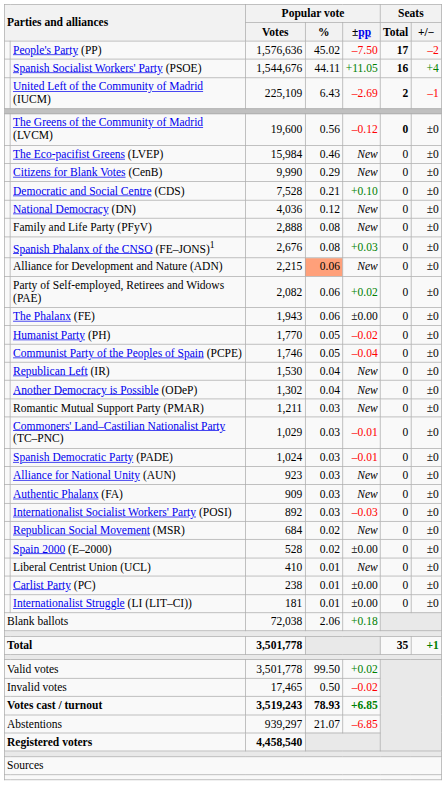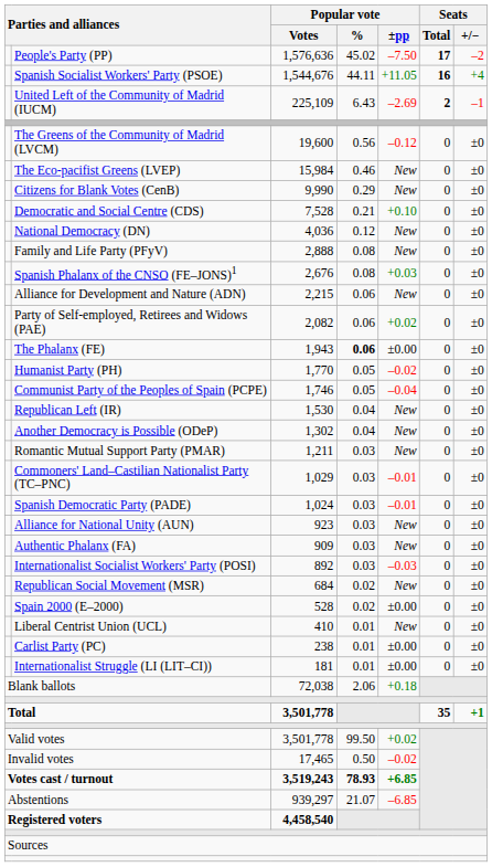 <table class="wikitable" style="text-align:right;">
 <tr>
 <th style="text-align:left;" rowspan="2" colspan="2" width="525">Parties and alliances</th>
 <th colspan="3">Popular vote</th>
 <th colspan="2">Seats</th>
 </tr>
 <tr>
 <th width="75">Votes</th>
 <th width="45">%</th>
 <th width="45">±<a href='#'>pp</a></th>
 <th width="35">Total</th>
 <th width="35">+/−</th>
 </tr>
 <tr>
 <td width="1" style="color:inherit;background:"></td>
 <td align="left"><a href='#'>People's Party</a> (PP)</td>
 <td>1,576,636</td>
 <td>45.02</td>
 <td style="color:red;">–7.50</td>
 <td><strong>17</strong></td>
 <td style="color:red;">–2</td>
 </tr>
 <tr>
 <td style="color:inherit;background:"></td>
 <td align="left"><a href='#'>Spanish Socialist Workers' Party</a> (PSOE)</td>
 <td>1,544,676</td>
 <td>44.11</td>
 <td style="color:green;">+11.05</td>
 <td><strong>16</strong></td>
 <td style="color:green;">+4</td>
 </tr>
 <tr>
 <td style="color:inherit;background:"></td>
 <td align="left"><a href='#'>United Left of the Community of Madrid</a> (IUCM)</td>
 <td>225,109</td>
 <td>6.43</td>
 <td style="color:red;">–2.69</td>
 <td><strong>2</strong></td>
 <td style="color:red;">–1</td>
 </tr>
 <tr>
 <td colspan="7" bgcolor="#C0C0C0"></td>
 </tr>
 <tr>
 <td style="color:inherit;background:"></td>
 <td align="left"><a href='#'>The Greens of the Community of Madrid</a> (LVCM)</td>
 <td>19,600</td>
 <td>0.56</td>
 <td style="color:red;">–0.12</td>
-<td><strong>0</strong></td>
+<td>0</td>
 <td>±0</td>
 </tr>
 <tr>
 <td style="color:inherit;background:"></td>
 <td align="left"><a href='#'>The Eco-pacifist Greens</a> (LVEP)</td>
 <td>15,984</td>
 <td>0.46</td>
 <td><em>New</em></td>
 <td>0</td>
 <td>±0</td>
 </tr>
 <tr>
 <td style="color:inherit;background:"></td>
 <td align="left"><a href='#'>Citizens for Blank Votes</a> (CenB)</td>
 <td>9,990</td>
 <td>0.29</td>
 <td><em>New</em></td>
 <td>0</td>
 <td>±0</td>
 </tr>
 <tr>
 <td style="color:inherit;background:"></td>
 <td align="left"><a href='#'>Democratic and Social Centre</a> (CDS)</td>
 <td>7,528</td>
 <td>0.21</td>
 <td style="color:green;">+0.10</td>
 <td>0</td>
 <td>±0</td>
 </tr>
 <tr>
 <td style="color:inherit;background:"></td>
 <td align="left"><a href='#'>National Democracy</a> (DN)</td>
 <td>4,036</td>
 <td>0.12</td>
 <td><em>New</em></td>
 <td>0</td>
 <td>±0</td>
 </tr>
 <tr>
 <td style="color:inherit;background:"></td>
 <td align="left">Family and Life Party (PFyV)</td>
 <td>2,888</td>
 <td>0.08</td>
 <td><em>New</em></td>
 <td>0</td>
 <td>±0</td>
 </tr>
 <tr>
 <td style="color:inherit;background:"></td>
 <td align="left"><a href='#'>Spanish Phalanx of the CNSO</a> (FE–JONS)<sup>1</sup></td>
 <td>2,676</td>
 <td>0.08</td>
 <td style="color:green;">+0.03</td>
 <td>0</td>
 <td>±0</td>
 </tr>
 <tr>
 <td style="color:inherit;background:"></td>
 <td align="left">Alliance for Development and Nature (ADN)</td>
 <td>2,215</td>
-<td style="background: lightsalmon;">0.06</td>
+<td>0.06</td>
 <td><em>New</em></td>
 <td>0</td>
 <td>±0</td>
 </tr>
 <tr>
 <td style="color:inherit;background:"></td>
 <td align="left">Party of Self-employed, Retirees and Widows (PAE)</td>
 <td>2,082</td>
 <td>0.06</td>
 <td style="color:green;">+0.02</td>
 <td>0</td>
 <td>±0</td>
 </tr>
 <tr>
 <td style="color:inherit;background:"></td>
 <td align="left"><a href='#'>The Phalanx</a> (FE)</td>
 <td>1,943</td>
-<td>0.06</td>
+<td><strong>0.06</strong></td>
 <td>±0.00</td>
 <td>0</td>
 <td>±0</td>
 </tr>
 <tr>
 <td style="color:inherit;background:"></td>
 <td align="left"><a href='#'>Humanist Party</a> (PH)</td>
 <td>1,770</td>
 <td>0.05</td>
 <td style="color:red;">–0.02</td>
 <td>0</td>
 <td>±0</td>
 </tr>
 <tr>
 <td style="color:inherit;background:"></td>
 <td align="left"><a href='#'>Communist Party of the Peoples of Spain</a> (PCPE)</td>
 <td>1,746</td>
 <td>0.05</td>
 <td style="color:red;">–0.04</td>
 <td>0</td>
 <td>±0</td>
 </tr>
 <tr>
 <td style="color:inherit;background:"></td>
 <td align="left"><a href='#'>Republican Left</a> (IR)</td>
 <td>1,530</td>
 <td>0.04</td>
 <td><em>New</em></td>
 <td>0</td>
 <td>±0</td>
 </tr>
 <tr>
 <td style="color:inherit;background:"></td>
 <td align="left"><a href='#'>Another Democracy is Possible</a> (ODeP)</td>
 <td>1,302</td>
 <td>0.04</td>
 <td><em>New</em></td>
 <td>0</td>
 <td>±0</td>
 </tr>
 <tr>
 <td style="color:inherit;background:"></td>
 <td align="left">Romantic Mutual Support Party (PMAR)</td>
 <td>1,211</td>
 <td>0.03</td>
 <td><em>New</em></td>
 <td>0</td>
 <td>±0</td>
 </tr>
 <tr>
 <td style="color:inherit;background:"></td>
 <td align="left"><a href='#'>Commoners' Land–Castilian Nationalist Party</a> (TC–PNC)</td>
 <td>1,029</td>
 <td>0.03</td>
 <td style="color:red;">–0.01</td>
 <td>0</td>
 <td>±0</td>
 </tr>
 <tr>
 <td style="color:inherit;background:"></td>
 <td align="left"><a href='#'>Spanish Democratic Party</a> (PADE)</td>
 <td>1,024</td>
 <td>0.03</td>
 <td style="color:red;">–0.01</td>
 <td>0</td>
 <td>±0</td>
 </tr>
 <tr>
 <td style="color:inherit;background:"></td>
 <td align="left"><a href='#'>Alliance for National Unity</a> (AUN)</td>
 <td>923</td>
 <td>0.03</td>
 <td><em>New</em></td>
 <td>0</td>
 <td>±0</td>
 </tr>
 <tr>
 <td style="color:inherit;background:"></td>
 <td align="left"><a href='#'>Authentic Phalanx</a> (FA)</td>
 <td>909</td>
 <td>0.03</td>
 <td><em>New</em></td>
 <td>0</td>
 <td>±0</td>
 </tr>
 <tr>
 <td style="color:inherit;background:"></td>
 <td align="left"><a href='#'>Internationalist Socialist Workers' Party</a> (POSI)</td>
 <td>892</td>
 <td>0.03</td>
 <td style="color:red;">–0.03</td>
 <td>0</td>
 <td>±0</td>
 </tr>
 <tr>
 <td style="color:inherit;background:"></td>
 <td align="left"><a href='#'>Republican Social Movement</a> (MSR)</td>
 <td>684</td>
 <td>0.02</td>
 <td><em>New</em></td>
 <td>0</td>
 <td>±0</td>
 </tr>
 <tr>
 <td style="color:inherit;background:"></td>
 <td align="left"><a href='#'>Spain 2000</a> (E–2000)</td>
 <td>528</td>
 <td>0.02</td>
 <td>±0.00</td>
 <td>0</td>
 <td>±0</td>
 </tr>
 <tr>
 <td style="color:inherit;background:"></td>
 <td align="left">Liberal Centrist Union (UCL)</td>
 <td>410</td>
 <td>0.01</td>
 <td><em>New</em></td>
 <td>0</td>
 <td>±0</td>
 </tr>
 <tr>
 <td style="color:inherit;background:"></td>
 <td align="left"><a href='#'>Carlist Party</a> (PC)</td>
 <td>238</td>
 <td>0.01</td>
 <td>±0.00</td>
 <td>0</td>
 <td>±0</td>
 </tr>
 <tr>
 <td style="color:inherit;background:"></td>
 <td align="left"><a href='#'>Internationalist Struggle</a> (LI (LIT–CI))</td>
 <td>181</td>
 <td>0.01</td>
 <td>±0.00</td>
 <td>0</td>
 <td>±0</td>
 </tr>
 <tr>
 <td align="left" colspan="2">Blank ballots</td>
 <td>72,038</td>
 <td>2.06</td>
 <td style="color:green;">+0.18</td>
 <td bgcolor="#E9E9E9" colspan="2"></td>
 </tr>
 <tr>
 <td colspan="7" bgcolor="#E9E9E9"></td>
 </tr>
 <tr style="font-weight:bold;">
 <td align="left" colspan="2">Total</td>
 <td>3,501,778</td>
 <td bgcolor="#E9E9E9" colspan="2"></td>
 <td>35</td>
 <td style="color:green;">+1</td>
 </tr>
 <tr>
 <td colspan="7" bgcolor="#E9E9E9"></td>
 </tr>
 <tr>
 <td align="left" colspan="2">Valid votes</td>
 <td>3,501,778</td>
 <td>99.50</td>
 <td style="color:green;">+0.02</td>
 <td bgcolor="#E9E9E9" colspan="2" rowspan="5"></td>
 </tr>
 <tr>
 <td align="left" colspan="2">Invalid votes</td>
 <td>17,465</td>
 <td>0.50</td>
 <td style="color:red;">–0.02</td>
 </tr>
 <tr style="font-weight:bold;">
 <td align="left" colspan="2">Votes cast / turnout</td>
 <td>3,519,243</td>
 <td>78.93</td>
 <td style="color:green;">+6.85</td>
 </tr>
 <tr>
 <td align="left" colspan="2">Abstentions</td>
 <td>939,297</td>
 <td>21.07</td>
 <td style="color:red;">–6.85</td>
 </tr>
 <tr style="font-weight:bold;">
 <td align="left" colspan="2">Registered voters</td>
 <td>4,458,540</td>
 <td bgcolor="#E9E9E9" colspan="2"></td>
 </tr>
 <tr>
 <td colspan="7" bgcolor="#E9E9E9"></td>
 </tr>
 <tr>
 <td align="left" colspan="7">Sources</td>
 </tr>
 <tr>
 <td colspan="7" style="text-align:left; max-width:790px;"></td>
 </tr>
 </table>
